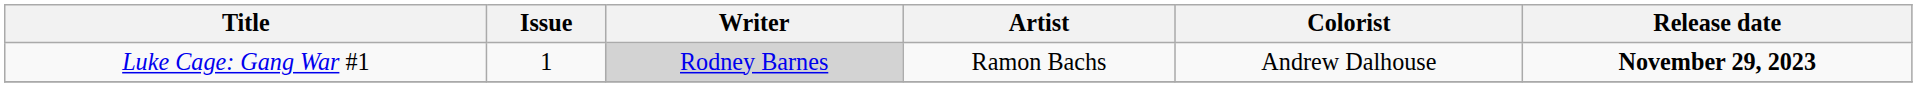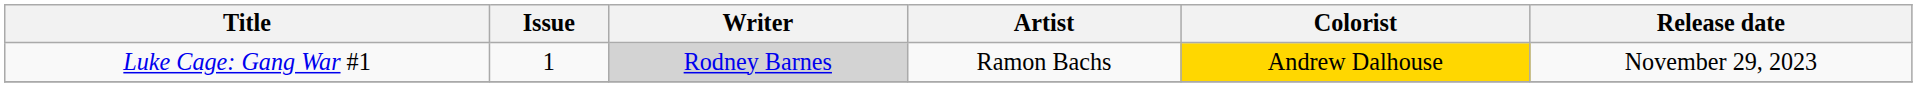 <table class="wikitable" style="text-align:center; width:100%">
 <tr>
 <th scope="col">Title</th>
 <th>Issue</th>
 <th>Writer</th>
 <th>Artist</th>
 <th>Colorist</th>
 <th>Release date</th>
 </tr>
 <tr>
 <td><em><a href='#'>Luke Cage: Gang War</a></em> #1</td>
 <td>1</td>
 <td style="background: lightgrey;"><a href='#'>Rodney Barnes</a></td>
 <td>Ramon Bachs</td>
-<td>Andrew Dalhouse</td>
-<td><strong>November 29, 2023</strong></td>
+<td style="background: gold;">Andrew Dalhouse</td>
+<td>November 29, 2023</td>
 </tr>
 <tr>
 </tr>
 </table>
